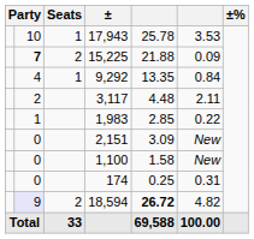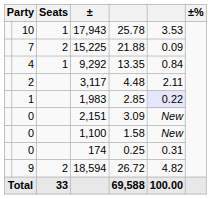 <table class=wikitable>
 <tr>
 <th colspan=2 align=center>Party</th>
 <th>Seats</th>
 <th>±</th>
 <th></th>
 <th></th>
 <th>±%</th>
 </tr>
 <tr>
 <td></td>
 <td align=right>10</td>
 <td align=right>1</td>
 <td align=right>17,943</td>
 <td align=right>25.78</td>
 <td align=right>3.53</td>
 </tr>
 <tr>
 <td></td>
-<td align=right><strong>7</strong></td>
+<td align=right>7</td>
 <td align=right>2</td>
 <td align=right>15,225</td>
 <td align=right>21.88</td>
 <td align=right>0.09</td>
 </tr>
 <tr>
 <td></td>
 <td align=right>4</td>
 <td align=right>1</td>
 <td align=right>9,292</td>
 <td align=right>13.35</td>
 <td align=right>0.84</td>
 </tr>
 <tr>
 <td></td>
 <td align=right>2</td>
 <td align=right></td>
 <td align=right>3,117</td>
 <td align=right>4.48</td>
 <td align=right>2.11</td>
 </tr>
 <tr>
 <td></td>
 <td align=right>1</td>
 <td align=right></td>
 <td align=right>1,983</td>
 <td align=right>2.85</td>
-<td align=right>0.22</td>
+<td align=right style="background: lavender;">0.22</td>
 </tr>
 <tr>
 <td></td>
 <td align=right>0</td>
 <td align=right></td>
 <td align=right>2,151</td>
 <td align=right>3.09</td>
 <td align=right><em>New</em></td>
 </tr>
 <tr>
 <td></td>
 <td align=right>0</td>
 <td align=right></td>
 <td align=right>1,100</td>
 <td align=right>1.58</td>
 <td align=right><em>New</em></td>
 </tr>
 <tr>
 <td></td>
 <td align=right>0</td>
 <td align=right></td>
 <td align=right>174</td>
 <td align=right>0.25</td>
 <td align=right>0.31</td>
 </tr>
 <tr>
 <td></td>
-<td align=right style="background: lavender;">9</td>
+<td align=right>9</td>
 <td align=right>2</td>
 <td align=right>18,594</td>
-<td align=right><strong>26.72</strong></td>
+<td align=right>26.72</td>
 <td align=right>4.82</td>
 </tr>
 <tr style="font-weight:bold; background:rgb(232,232,232);">
 <td colspan=2 align=center>Total</td>
 <td align=right>33</td>
 <td align=center></td>
 <td align=right>69,588</td>
 <td align=center>100.00</td>
 <td align=center></td>
 </tr>
 </table>
